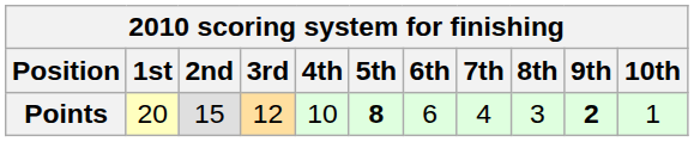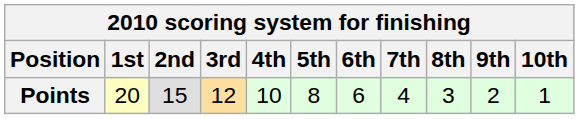 <table class="wikitable">
 <tr>
 <th colspan="14">2010 scoring system for finishing</th>
 </tr>
 <tr>
 <th>Position</th>
 <th>1st</th>
 <th>2nd</th>
 <th>3rd</th>
 <th>4th</th>
 <th>5th</th>
 <th>6th</th>
 <th>7th</th>
 <th>8th</th>
 <th>9th</th>
 <th>10th</th>
 </tr>
 <tr align="center">
 <th>Points</th>
 <td style="background:#ffffbf;">20</td>
 <td style="background:#dfdfdf;">15</td>
 <td style="background:#ffdf9f;">12</td>
 <td style="background:#dfffdf;">10</td>
-<td style="background:#dfffdf;"><strong>8</strong></td>
+<td style="background:#dfffdf;">8</td>
 <td style="background:#dfffdf;">6</td>
 <td style="background:#dfffdf;">4</td>
 <td style="background:#dfffdf;">3</td>
-<td style="background:#dfffdf;"><strong>2</strong></td>
+<td style="background:#dfffdf;">2</td>
 <td style="background:#dfffdf;">1</td>
 </tr>
 </table>
